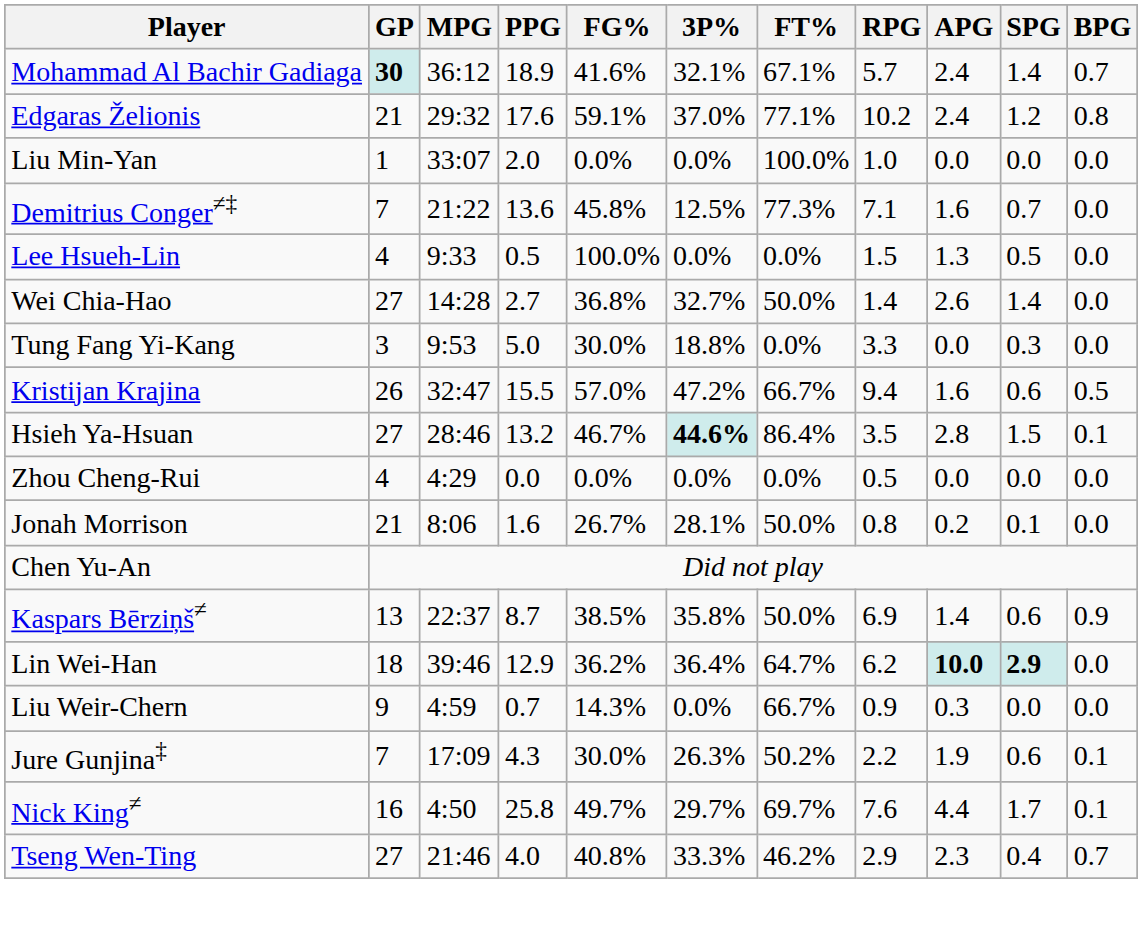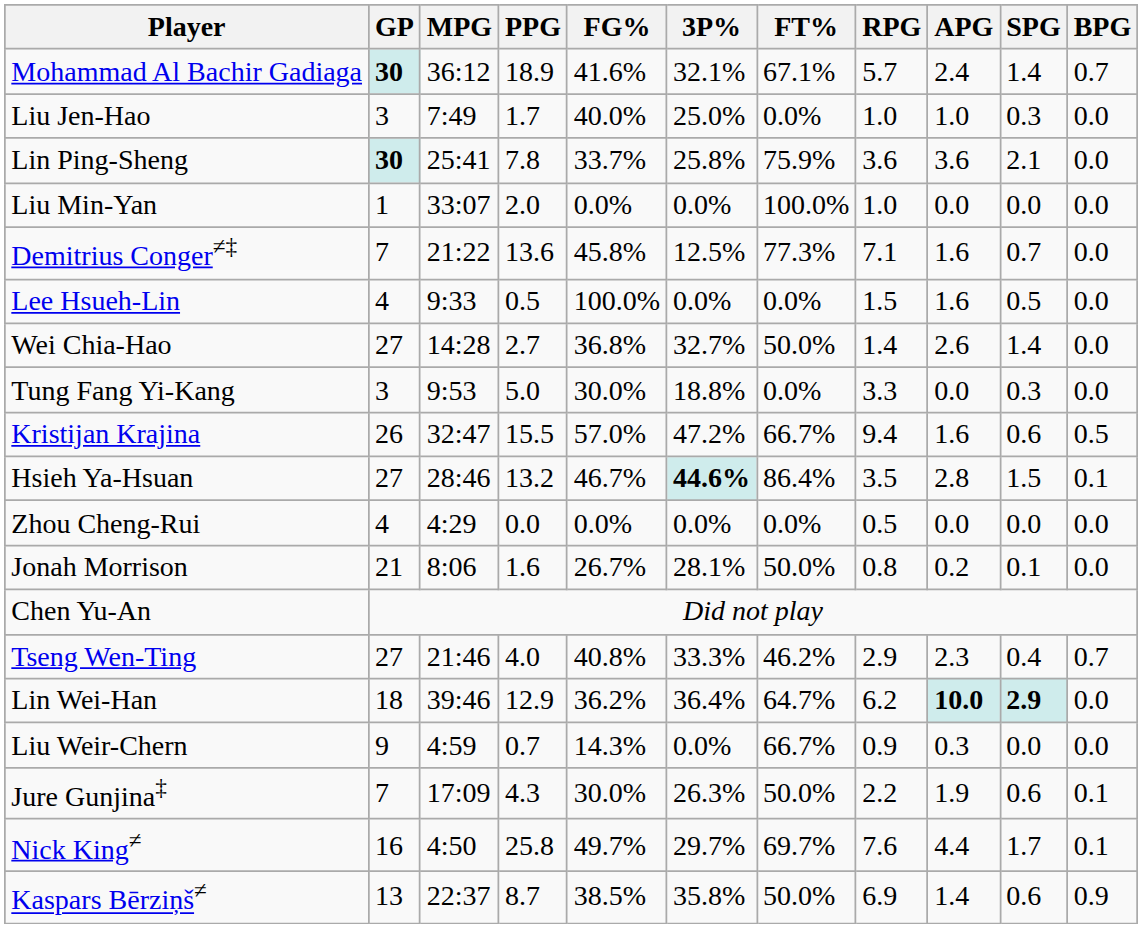 <table class="wikitable">
 <tr>
 <th>Player</th>
 <th>GP</th>
 <th>MPG</th>
 <th>PPG</th>
 <th>FG%</th>
 <th>3P%</th>
 <th>FT%</th>
 <th>RPG</th>
 <th>APG</th>
 <th>SPG</th>
 <th>BPG</th>
 </tr>
 <tr>
 <td><a href='#'>Mohammad Al Bachir Gadiaga</a></td>
 <td style="background-color: #CFECEC"><strong>30</strong></td>
 <td>36:12</td>
 <td>18.9</td>
 <td>41.6%</td>
 <td>32.1%</td>
 <td>67.1%</td>
 <td>5.7</td>
 <td>2.4</td>
 <td>1.4</td>
 <td>0.7</td>
 </tr>
 <tr>
-<td><a href='#'>Edgaras Želionis</a></td>
-<td>21</td>
-<td>29:32</td>
-<td>17.6</td>
-<td>59.1%</td>
-<td>37.0%</td>
-<td>77.1%</td>
-<td>10.2</td>
-<td>2.4</td>
-<td>1.2</td>
-<td>0.8</td>
+<td>Liu Jen-Hao</td>
+<td>3</td>
+<td>7:49</td>
+<td>1.7</td>
+<td>40.0%</td>
+<td>25.0%</td>
+<td>0.0%</td>
+<td>1.0</td>
+<td>1.0</td>
+<td>0.3</td>
+<td>0.0</td>
+</tr>
+<tr>
+<td>Lin Ping-Sheng</td>
+<td style="background-color: #CFECEC"><strong>30</strong></td>
+<td>25:41</td>
+<td>7.8</td>
+<td>33.7%</td>
+<td>25.8%</td>
+<td>75.9%</td>
+<td>3.6</td>
+<td>3.6</td>
+<td>2.1</td>
+<td>0.0</td>
 </tr>
 <tr>
 <td>Liu Min-Yan</td>
 <td>1</td>
 <td>33:07</td>
 <td>2.0</td>
 <td>0.0%</td>
 <td>0.0%</td>
 <td>100.0%</td>
 <td>1.0</td>
 <td>0.0</td>
 <td>0.0</td>
 <td>0.0</td>
 </tr>
 <tr>
 <td><a href='#'>Demitrius Conger</a><sup>≠‡</sup></td>
 <td>7</td>
 <td>21:22</td>
 <td>13.6</td>
 <td>45.8%</td>
 <td>12.5%</td>
 <td>77.3%</td>
 <td>7.1</td>
 <td>1.6</td>
 <td>0.7</td>
 <td>0.0</td>
 </tr>
 <tr>
 <td><a href='#'>Lee Hsueh-Lin</a></td>
 <td>4</td>
 <td>9:33</td>
 <td>0.5</td>
 <td>100.0%</td>
 <td>0.0%</td>
 <td>0.0%</td>
 <td>1.5</td>
-<td>1.3</td>
+<td>1.6</td>
 <td>0.5</td>
 <td>0.0</td>
 </tr>
 <tr>
 <td>Wei Chia-Hao</td>
 <td>27</td>
 <td>14:28</td>
 <td>2.7</td>
 <td>36.8%</td>
 <td>32.7%</td>
 <td>50.0%</td>
 <td>1.4</td>
 <td>2.6</td>
 <td>1.4</td>
 <td>0.0</td>
 </tr>
 <tr>
 <td>Tung Fang Yi-Kang</td>
 <td>3</td>
 <td>9:53</td>
 <td>5.0</td>
 <td>30.0%</td>
 <td>18.8%</td>
 <td>0.0%</td>
 <td>3.3</td>
 <td>0.0</td>
 <td>0.3</td>
 <td>0.0</td>
 </tr>
 <tr>
 <td><a href='#'>Kristijan Krajina</a></td>
 <td>26</td>
 <td>32:47</td>
 <td>15.5</td>
 <td>57.0%</td>
 <td>47.2%</td>
 <td>66.7%</td>
 <td>9.4</td>
 <td>1.6</td>
 <td>0.6</td>
 <td>0.5</td>
 </tr>
 <tr>
 <td>Hsieh Ya-Hsuan</td>
 <td>27</td>
 <td>28:46</td>
 <td>13.2</td>
 <td>46.7%</td>
 <td style="background-color: #CFECEC"><strong>44.6%</strong></td>
 <td>86.4%</td>
 <td>3.5</td>
 <td>2.8</td>
 <td>1.5</td>
 <td>0.1</td>
 </tr>
 <tr>
 <td>Zhou Cheng-Rui</td>
 <td>4</td>
 <td>4:29</td>
 <td>0.0</td>
 <td>0.0%</td>
 <td>0.0%</td>
 <td>0.0%</td>
 <td>0.5</td>
 <td>0.0</td>
 <td>0.0</td>
 <td>0.0</td>
 </tr>
 <tr>
 <td>Jonah Morrison</td>
 <td>21</td>
 <td>8:06</td>
 <td>1.6</td>
 <td>26.7%</td>
 <td>28.1%</td>
 <td>50.0%</td>
 <td>0.8</td>
 <td>0.2</td>
 <td>0.1</td>
 <td>0.0</td>
 </tr>
 <tr>
 <td>Chen Yu-An</td>
 <td colspan=10 align=center><em>Did not play</em></td>
 </tr>
 <tr>
-<td><a href='#'>Kaspars Bērziņš</a><sup>≠</sup></td>
-<td>13</td>
-<td>22:37</td>
-<td>8.7</td>
-<td>38.5%</td>
-<td>35.8%</td>
-<td>50.0%</td>
-<td>6.9</td>
-<td>1.4</td>
-<td>0.6</td>
-<td>0.9</td>
+<td><a href='#'>Tseng Wen-Ting</a></td>
+<td>27</td>
+<td>21:46</td>
+<td>4.0</td>
+<td>40.8%</td>
+<td>33.3%</td>
+<td>46.2%</td>
+<td>2.9</td>
+<td>2.3</td>
+<td>0.4</td>
+<td>0.7</td>
 </tr>
 <tr>
 <td>Lin Wei-Han</td>
 <td>18</td>
 <td>39:46</td>
 <td>12.9</td>
 <td>36.2%</td>
 <td>36.4%</td>
 <td>64.7%</td>
 <td>6.2</td>
 <td style="background-color: #CFECEC"><strong>10.0</strong></td>
 <td style="background-color: #CFECEC"><strong>2.9</strong></td>
 <td>0.0</td>
 </tr>
 <tr>
 <td>Liu Weir-Chern</td>
 <td>9</td>
 <td>4:59</td>
 <td>0.7</td>
 <td>14.3%</td>
 <td>0.0%</td>
 <td>66.7%</td>
 <td>0.9</td>
 <td>0.3</td>
 <td>0.0</td>
 <td>0.0</td>
 </tr>
 <tr>
 <td>Jure Gunjina<sup>‡</sup></td>
 <td>7</td>
 <td>17:09</td>
 <td>4.3</td>
 <td>30.0%</td>
 <td>26.3%</td>
-<td>50.2%</td>
+<td>50.0%</td>
 <td>2.2</td>
 <td>1.9</td>
 <td>0.6</td>
 <td>0.1</td>
 </tr>
 <tr>
 <td><a href='#'>Nick King</a><sup>≠</sup></td>
 <td>16</td>
 <td>4:50</td>
 <td>25.8</td>
 <td>49.7%</td>
 <td>29.7%</td>
 <td>69.7%</td>
 <td>7.6</td>
 <td>4.4</td>
 <td>1.7</td>
 <td>0.1</td>
 </tr>
 <tr>
-<td><a href='#'>Tseng Wen-Ting</a></td>
-<td>27</td>
-<td>21:46</td>
-<td>4.0</td>
-<td>40.8%</td>
-<td>33.3%</td>
-<td>46.2%</td>
-<td>2.9</td>
-<td>2.3</td>
-<td>0.4</td>
-<td>0.7</td>
+<td><a href='#'>Kaspars Bērziņš</a><sup>≠</sup></td>
+<td>13</td>
+<td>22:37</td>
+<td>8.7</td>
+<td>38.5%</td>
+<td>35.8%</td>
+<td>50.0%</td>
+<td>6.9</td>
+<td>1.4</td>
+<td>0.6</td>
+<td>0.9</td>
 </tr>
 </table>
